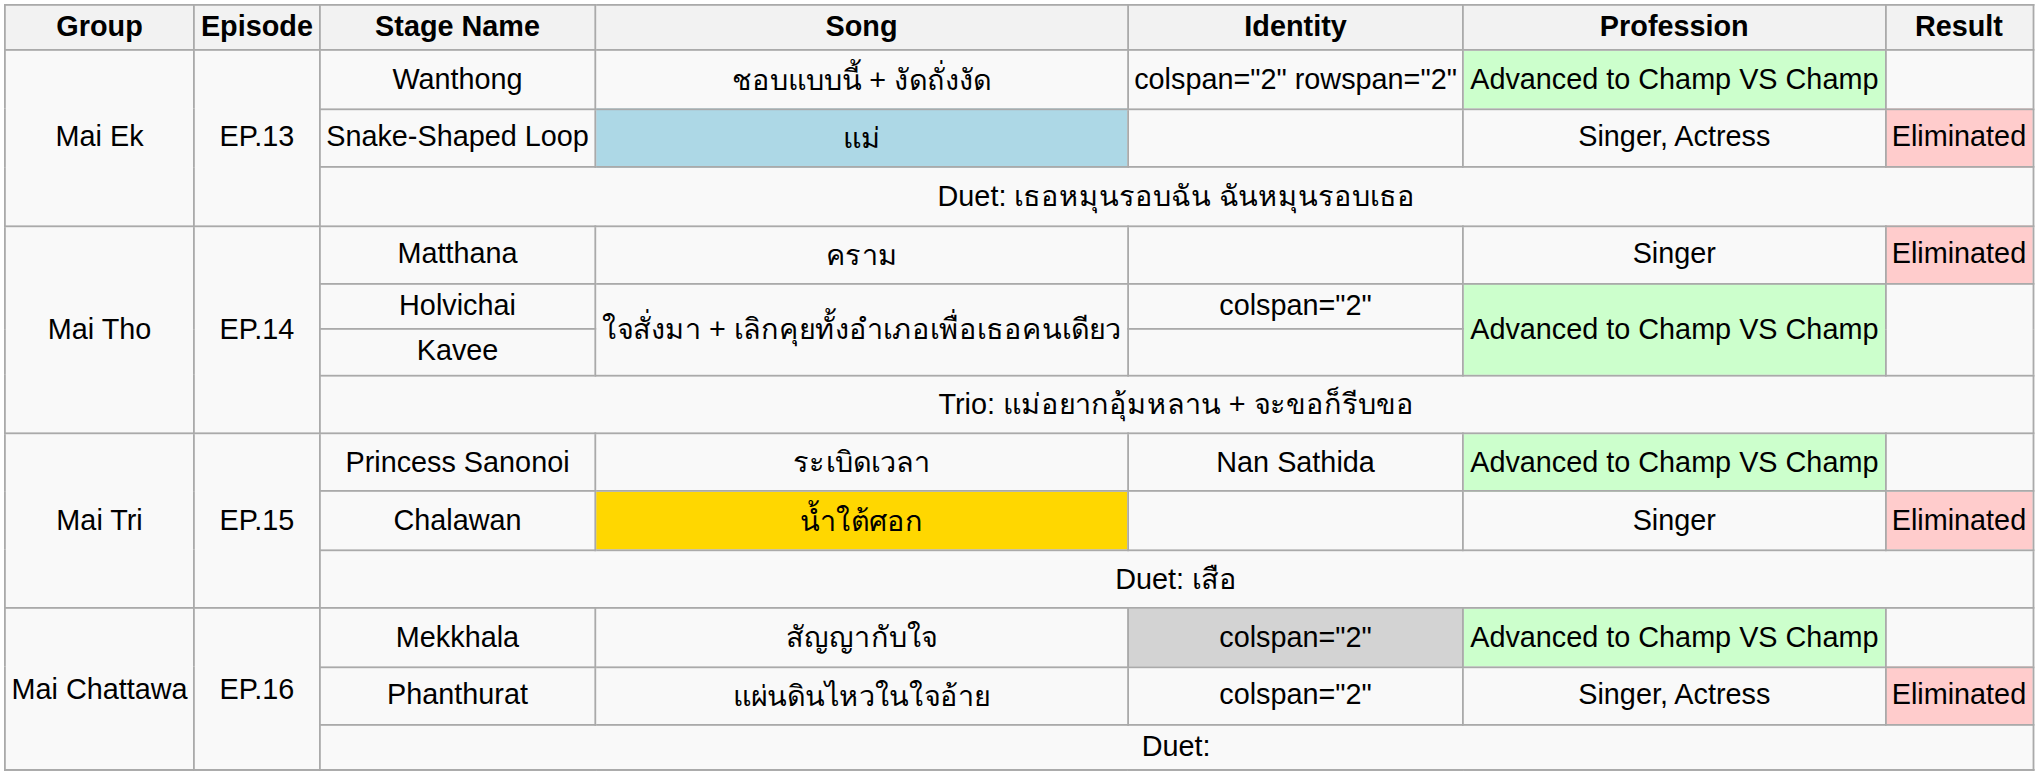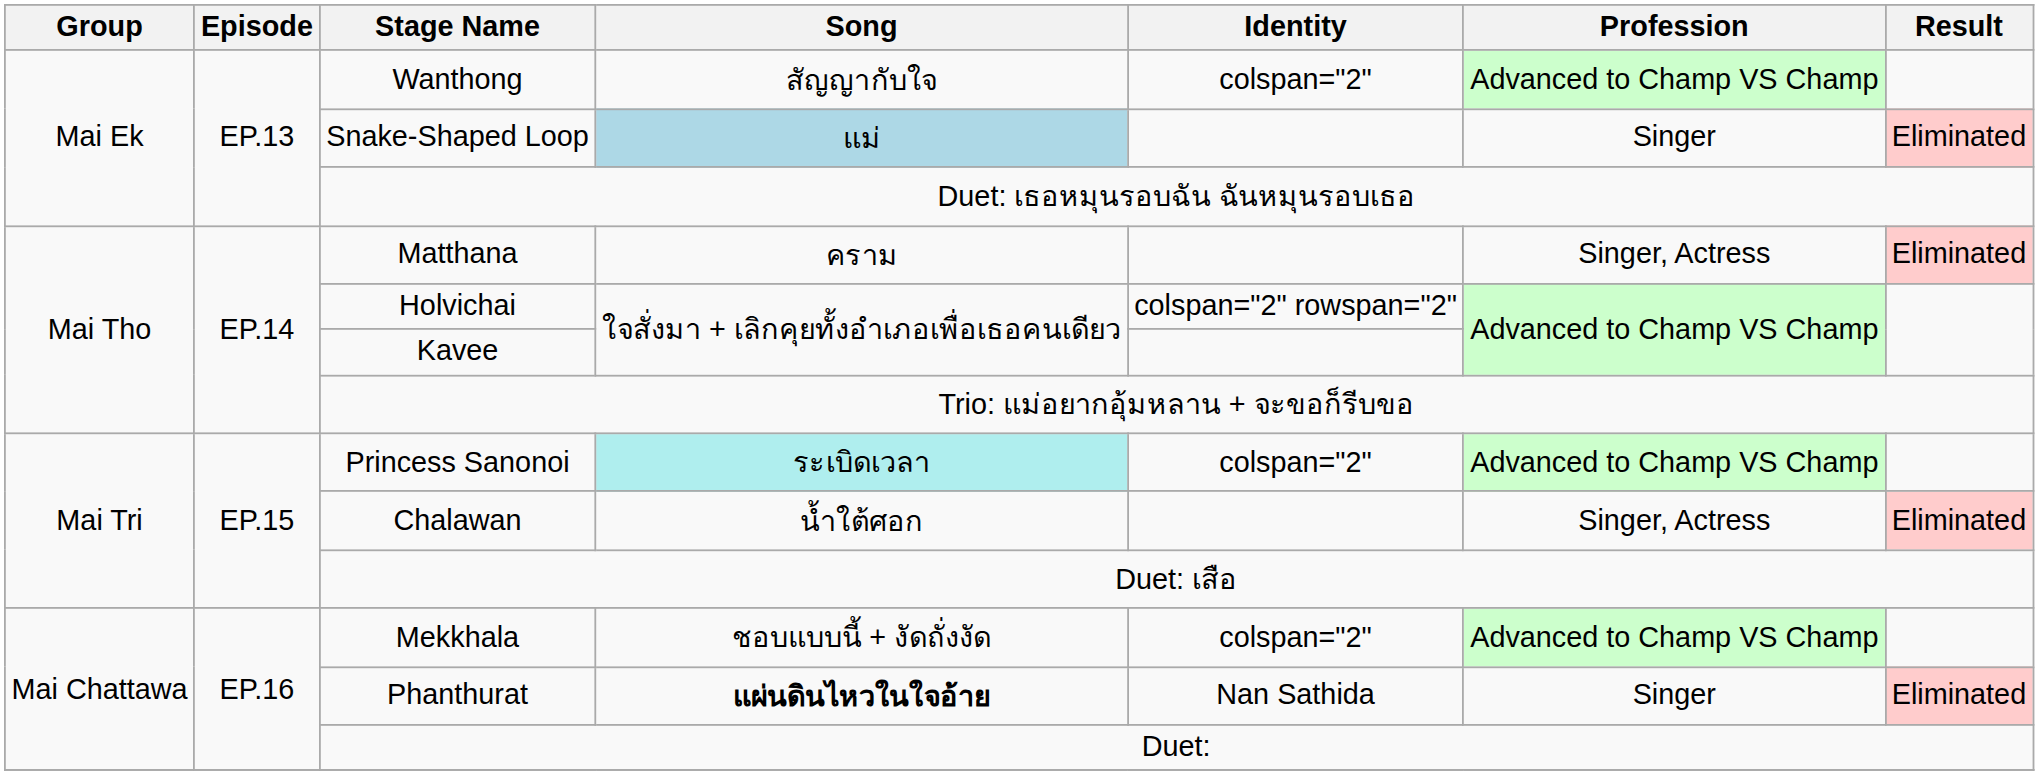 <table class="wikitable" style="text-align:center">
 <tr>
 <th>Group</th>
 <th>Episode</th>
 <th>Stage Name</th>
 <th>Song</th>
 <th>Identity</th>
 <th>Profession</th>
 <th>Result</th>
 </tr>
 <tr>
 <td rowspan="3">Mai Ek</td>
 <td rowspan="3">EP.13</td>
 <td>Wanthong</td>
-<td>ชอบแบบนี้ + งัดถั่งงัด</td>
-<td>colspan="2" rowspan="2" </td>
+<td>สัญญากับใจ</td>
+<td>colspan="2"  </td>
 <td style="text-align:center; background:#ccffcc;">Advanced to Champ VS Champ</td>
 </tr>
 <tr>
 <td>Snake-Shaped Loop</td>
 <td style="background: lightblue;">แม่</td>
 <td></td>
-<td>Singer, Actress</td>
+<td>Singer</td>
 <td style="text-align:center; background:#ffcccc;">Eliminated</td>
 </tr>
 <tr>
 <td colspan="5">Duet: เธอหมุนรอบฉัน ฉันหมุนรอบเธอ</td>
 </tr>
 <tr>
 <td rowspan="4">Mai Tho</td>
 <td rowspan="4">EP.14</td>
 <td>Matthana</td>
 <td>คราม</td>
 <td></td>
-<td>Singer</td>
+<td>Singer, Actress</td>
 <td style="text-align:center; background:#ffcccc;">Eliminated</td>
 </tr>
 <tr>
 <td>Holvichai</td>
 <td rowspan="2">ใจสั่งมา + เลิกคุยทั้งอำเภอเพื่อเธอคนเดียว</td>
-<td>colspan="2"  </td>
+<td>colspan="2" rowspan="2" </td>
 <td rowspan="2" style="text-align:center; background:#ccffcc;">Advanced to Champ VS Champ</td>
 </tr>
 <tr>
 <td style="text-align:center;">Kavee</td>
 </tr>
 <tr>
 <td colspan="5">Trio: แม่อยากอุ้มหลาน + จะขอก็รีบขอ</td>
 </tr>
 <tr>
 <td rowspan="3">Mai Tri</td>
 <td rowspan="3">EP.15</td>
 <td>Princess Sanonoi</td>
-<td>ระเบิดเวลา</td>
-<td>Nan Sathida</td>
+<td style="background: paleturquoise;">ระเบิดเวลา</td>
+<td>colspan="2"  </td>
 <td style="text-align:center; background:#ccffcc;">Advanced to Champ VS Champ</td>
 </tr>
 <tr>
 <td>Chalawan</td>
-<td style="background: gold;">น้ำใต้ศอก</td>
+<td>น้ำใต้ศอก</td>
 <td></td>
-<td>Singer</td>
+<td>Singer, Actress</td>
 <td style="text-align:center; background:#ffcccc;">Eliminated</td>
 </tr>
 <tr>
 <td colspan="5">Duet: เสือ</td>
 </tr>
 <tr>
 <td rowspan="3">Mai Chattawa</td>
 <td rowspan="3">EP.16</td>
 <td>Mekkhala</td>
-<td>สัญญากับใจ</td>
-<td style="background: lightgrey;">colspan="2"  </td>
+<td>ชอบแบบนี้ + งัดถั่งงัด</td>
+<td>colspan="2"  </td>
 <td style="text-align:center; background:#ccffcc;">Advanced to Champ VS Champ</td>
 </tr>
 <tr>
 <td>Phanthurat</td>
-<td>แผ่นดินไหวในใจอ้าย</td>
-<td>colspan="2"  </td>
-<td>Singer, Actress</td>
+<td><strong>แผ่นดินไหวในใจอ้าย</strong></td>
+<td>Nan Sathida</td>
+<td>Singer</td>
 <td style="text-align:center; background:#ffcccc;">Eliminated</td>
 </tr>
 <tr>
 <td colspan="5">Duet: </td>
 </tr>
 <tr>
 </tr>
 </table>
